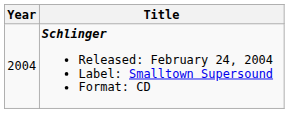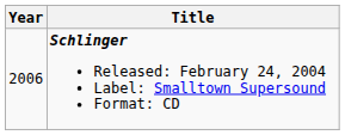 <table class="wikitable">
 <tr>
 <th>Year</th>
 <th style="width:225px;">Title</th>
 </tr>
 <tr>
-<td>2004</td>
+<td>2006</td>
 <td style="width:20em"><strong><em>Schlinger</em></strong><br><ul><li>Released: February 24, 2004</li><li>Label: <a href='#'>Smalltown Supersound</a> </li><li>Format: CD</li></ul></td>
 </tr>
 </table>
